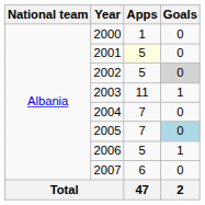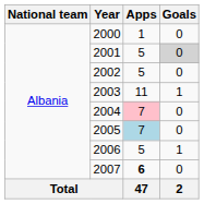 <table class="wikitable" style="text-align:center">
 <tr>
 <th>National team</th>
 <th>Year</th>
 <th>Apps</th>
 <th>Goals</th>
 </tr>
 <tr>
 <td rowspan="8"><a href='#'>Albania</a></td>
 <td>2000</td>
 <td>1</td>
 <td>0</td>
 </tr>
 <tr>
 <td>2001</td>
-<td style="background: lightyellow;">5</td>
-<td>0</td>
+<td>5</td>
+<td style="background: lightgrey;">0</td>
 </tr>
 <tr>
 <td>2002</td>
 <td>5</td>
-<td style="background: lightgrey;">0</td>
+<td>0</td>
 </tr>
 <tr>
 <td>2003</td>
 <td>11</td>
 <td>1</td>
 </tr>
 <tr>
 <td>2004</td>
-<td>7</td>
+<td style="background: pink;">7</td>
 <td>0</td>
 </tr>
 <tr>
 <td>2005</td>
-<td>7</td>
-<td style="background: lightblue;">0</td>
+<td style="background: lightblue;">7</td>
+<td>0</td>
 </tr>
 <tr>
 <td>2006</td>
 <td>5</td>
 <td>1</td>
 </tr>
 <tr>
 <td>2007</td>
-<td>6</td>
+<td><strong>6</strong></td>
 <td>0</td>
 </tr>
 <tr>
 <th colspan="2">Total</th>
 <th>47</th>
 <th>2</th>
 </tr>
 </table>
